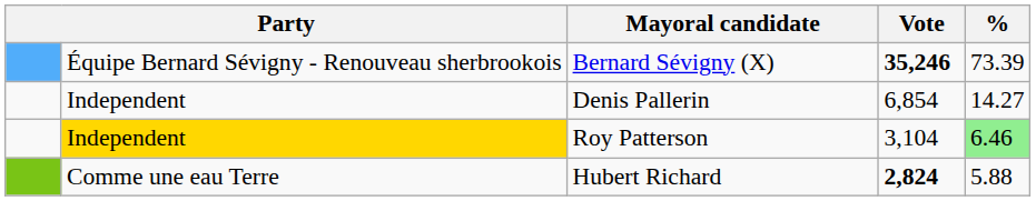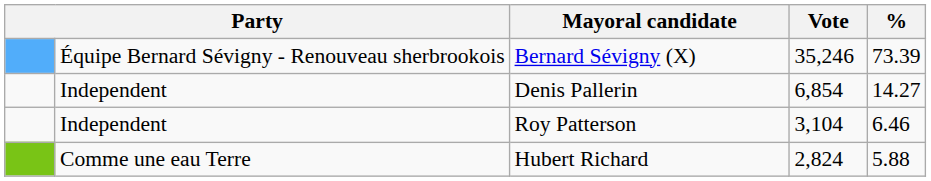 <table class="wikitable">
 <tr>
 <th bgcolor="#DDDDFF" width="230px" colspan="2">Party</th>
 <th bgcolor="#DDDDFF" width="200px">Mayoral candidate</th>
 <th bgcolor="#DDDDFF" width="50px">Vote</th>
 <th bgcolor="#DDDDFF" width="30px">%</th>
 </tr>
 <tr>
 <td bgcolor=#51ADFA width="30px"> </td>
 <td>Équipe Bernard Sévigny - Renouveau sherbrookois</td>
 <td><a href='#'>Bernard Sévigny</a> (X)</td>
-<td><strong>35,246</strong></td>
+<td>35,246</td>
 <td>73.39</td>
 </tr>
 <tr>
 <td> </td>
 <td>Independent</td>
 <td>Denis Pallerin</td>
 <td>6,854</td>
 <td>14.27</td>
 </tr>
 <tr>
 <td> </td>
-<td style="background: gold;">Independent</td>
+<td>Independent</td>
 <td>Roy Patterson</td>
 <td>3,104</td>
-<td style="background: lightgreen;">6.46</td>
+<td>6.46</td>
 </tr>
 <tr>
 <td bgcolor=#79C416 width="30px"> </td>
 <td>Comme une eau Terre</td>
 <td>Hubert Richard</td>
-<td><strong>2,824</strong></td>
+<td>2,824</td>
 <td>5.88</td>
 </tr>
 </table>
